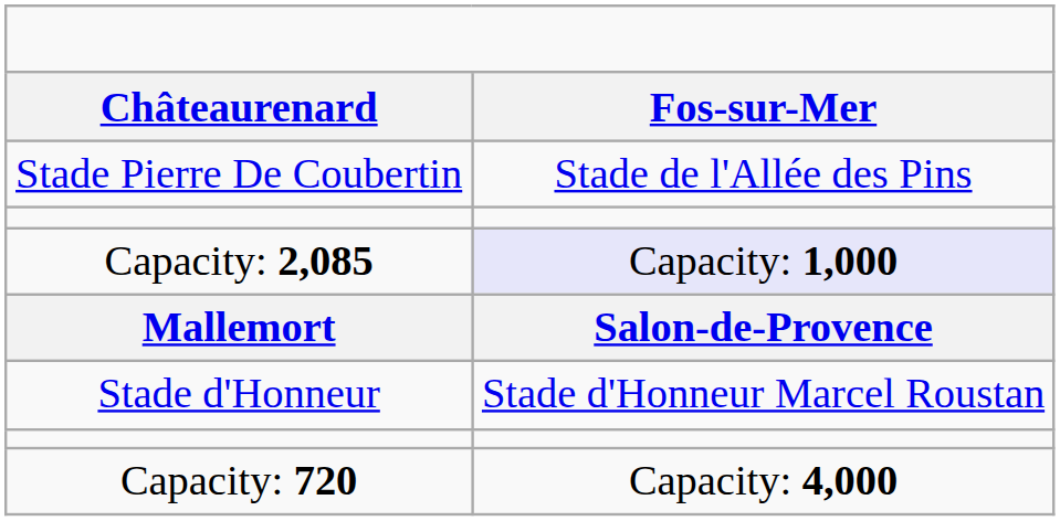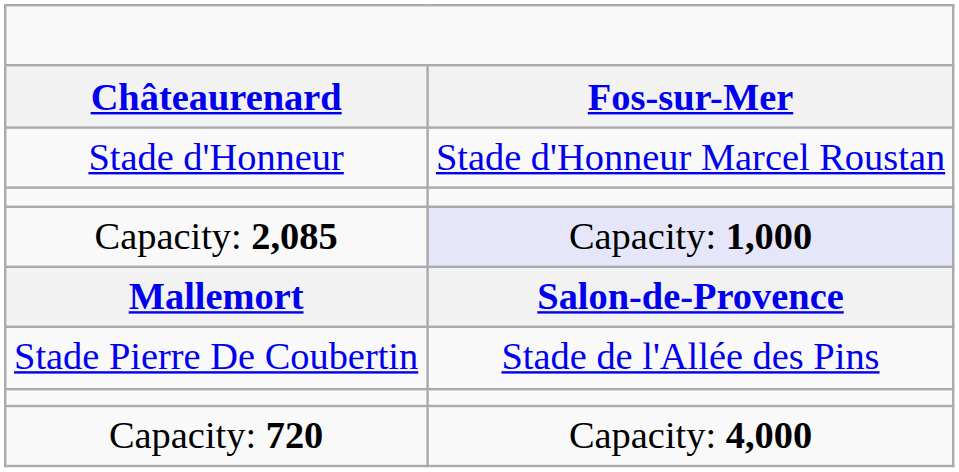 <table class="wikitable" style="text-align:center">
 <tr>
 <td colspan="2"><br></td>
 </tr>
 <tr>
 <th><a href='#'>Châteaurenard</a></th>
 <th><a href='#'>Fos-sur-Mer</a></th>
 </tr>
 <tr>
-<td><a href='#'>Stade Pierre De Coubertin</a></td>
-<td><a href='#'>Stade de l'Allée des Pins</a></td>
+<td><a href='#'>Stade d'Honneur</a></td>
+<td><a href='#'>Stade d'Honneur Marcel Roustan</a></td>
 </tr>
 <tr>
 <td></td>
 <td></td>
 </tr>
 <tr>
 <td>Capacity: <strong>2,085</strong></td>
 <td style="background: lavender;">Capacity: <strong>1,000</strong></td>
 </tr>
 <tr>
 <th><a href='#'>Mallemort</a></th>
 <th><a href='#'>Salon-de-Provence</a></th>
 </tr>
 <tr>
-<td><a href='#'>Stade d'Honneur</a></td>
-<td><a href='#'>Stade d'Honneur Marcel Roustan</a></td>
+<td><a href='#'>Stade Pierre De Coubertin</a></td>
+<td><a href='#'>Stade de l'Allée des Pins</a></td>
 </tr>
 <tr>
 <td></td>
 <td></td>
 </tr>
 <tr>
 <td>Capacity: <strong>720</strong></td>
 <td>Capacity: <strong>4,000</strong></td>
 </tr>
 </table>
